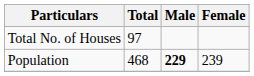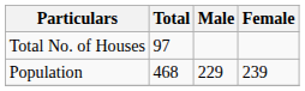 <table class="wikitable sortable">
 <tr>
 <th>Particulars</th>
 <th>Total</th>
 <th>Male</th>
 <th>Female</th>
 </tr>
 <tr>
 <td>Total No. of Houses</td>
 <td>97</td>
 <td></td>
 <td></td>
 </tr>
 <tr>
 <td>Population</td>
 <td>468</td>
-<td><strong>229</strong></td>
+<td>229</td>
 <td>239</td>
 </tr>
 <tr>
 </tr>
 </table>
